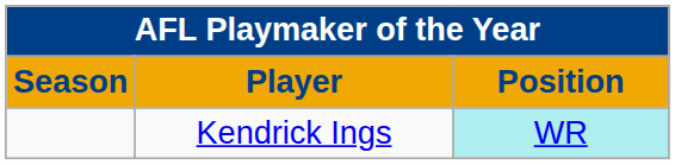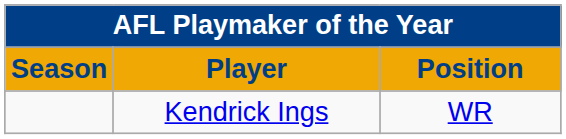 <table class="wikitable sortable" style="text-align:center">
 <tr>
 <td colspan="4" style="background:#003F87; color:#FFFFFF;"><strong>AFL Playmaker of the Year</strong></td>
 </tr>
 <tr>
 <th style="width:50px; background:#F0A804; color:#003F87;">Season</th>
 <th style="width:150px; background:#F0A804; color:#003F87;">Player</th>
 <th style="width:100px; background:#F0A804; color:#003F87;">Position</th>
 </tr>
 <tr>
 <td></td>
 <td><a href='#'>Kendrick Ings</a></td>
-<td style="background: paleturquoise;"><a href='#'>WR</a></td>
+<td><a href='#'>WR</a></td>
 </tr>
 </table>
